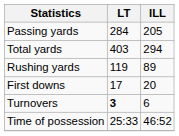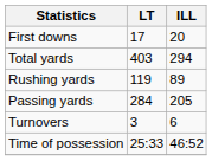 <table class="wikitable">
 <tr>
 <th>Statistics</th>
 <th>LT</th>
 <th>ILL</th>
 </tr>
 <tr>
-<td>Passing yards</td>
-<td>284</td>
-<td>205</td>
+<td>First downs</td>
+<td>17</td>
+<td>20</td>
 </tr>
 <tr>
 <td>Total yards</td>
 <td>403</td>
 <td>294</td>
 </tr>
 <tr>
 <td>Rushing yards</td>
 <td>119</td>
 <td>89</td>
 </tr>
 <tr>
-<td>First downs</td>
-<td>17</td>
-<td>20</td>
+<td>Passing yards</td>
+<td>284</td>
+<td>205</td>
 </tr>
 <tr>
 <td>Turnovers</td>
-<td><strong>3</strong></td>
+<td>3</td>
 <td>6</td>
 </tr>
 <tr>
 <td>Time of possession</td>
 <td>25:33</td>
 <td>46:52</td>
 </tr>
 <tr>
 </tr>
 </table>
